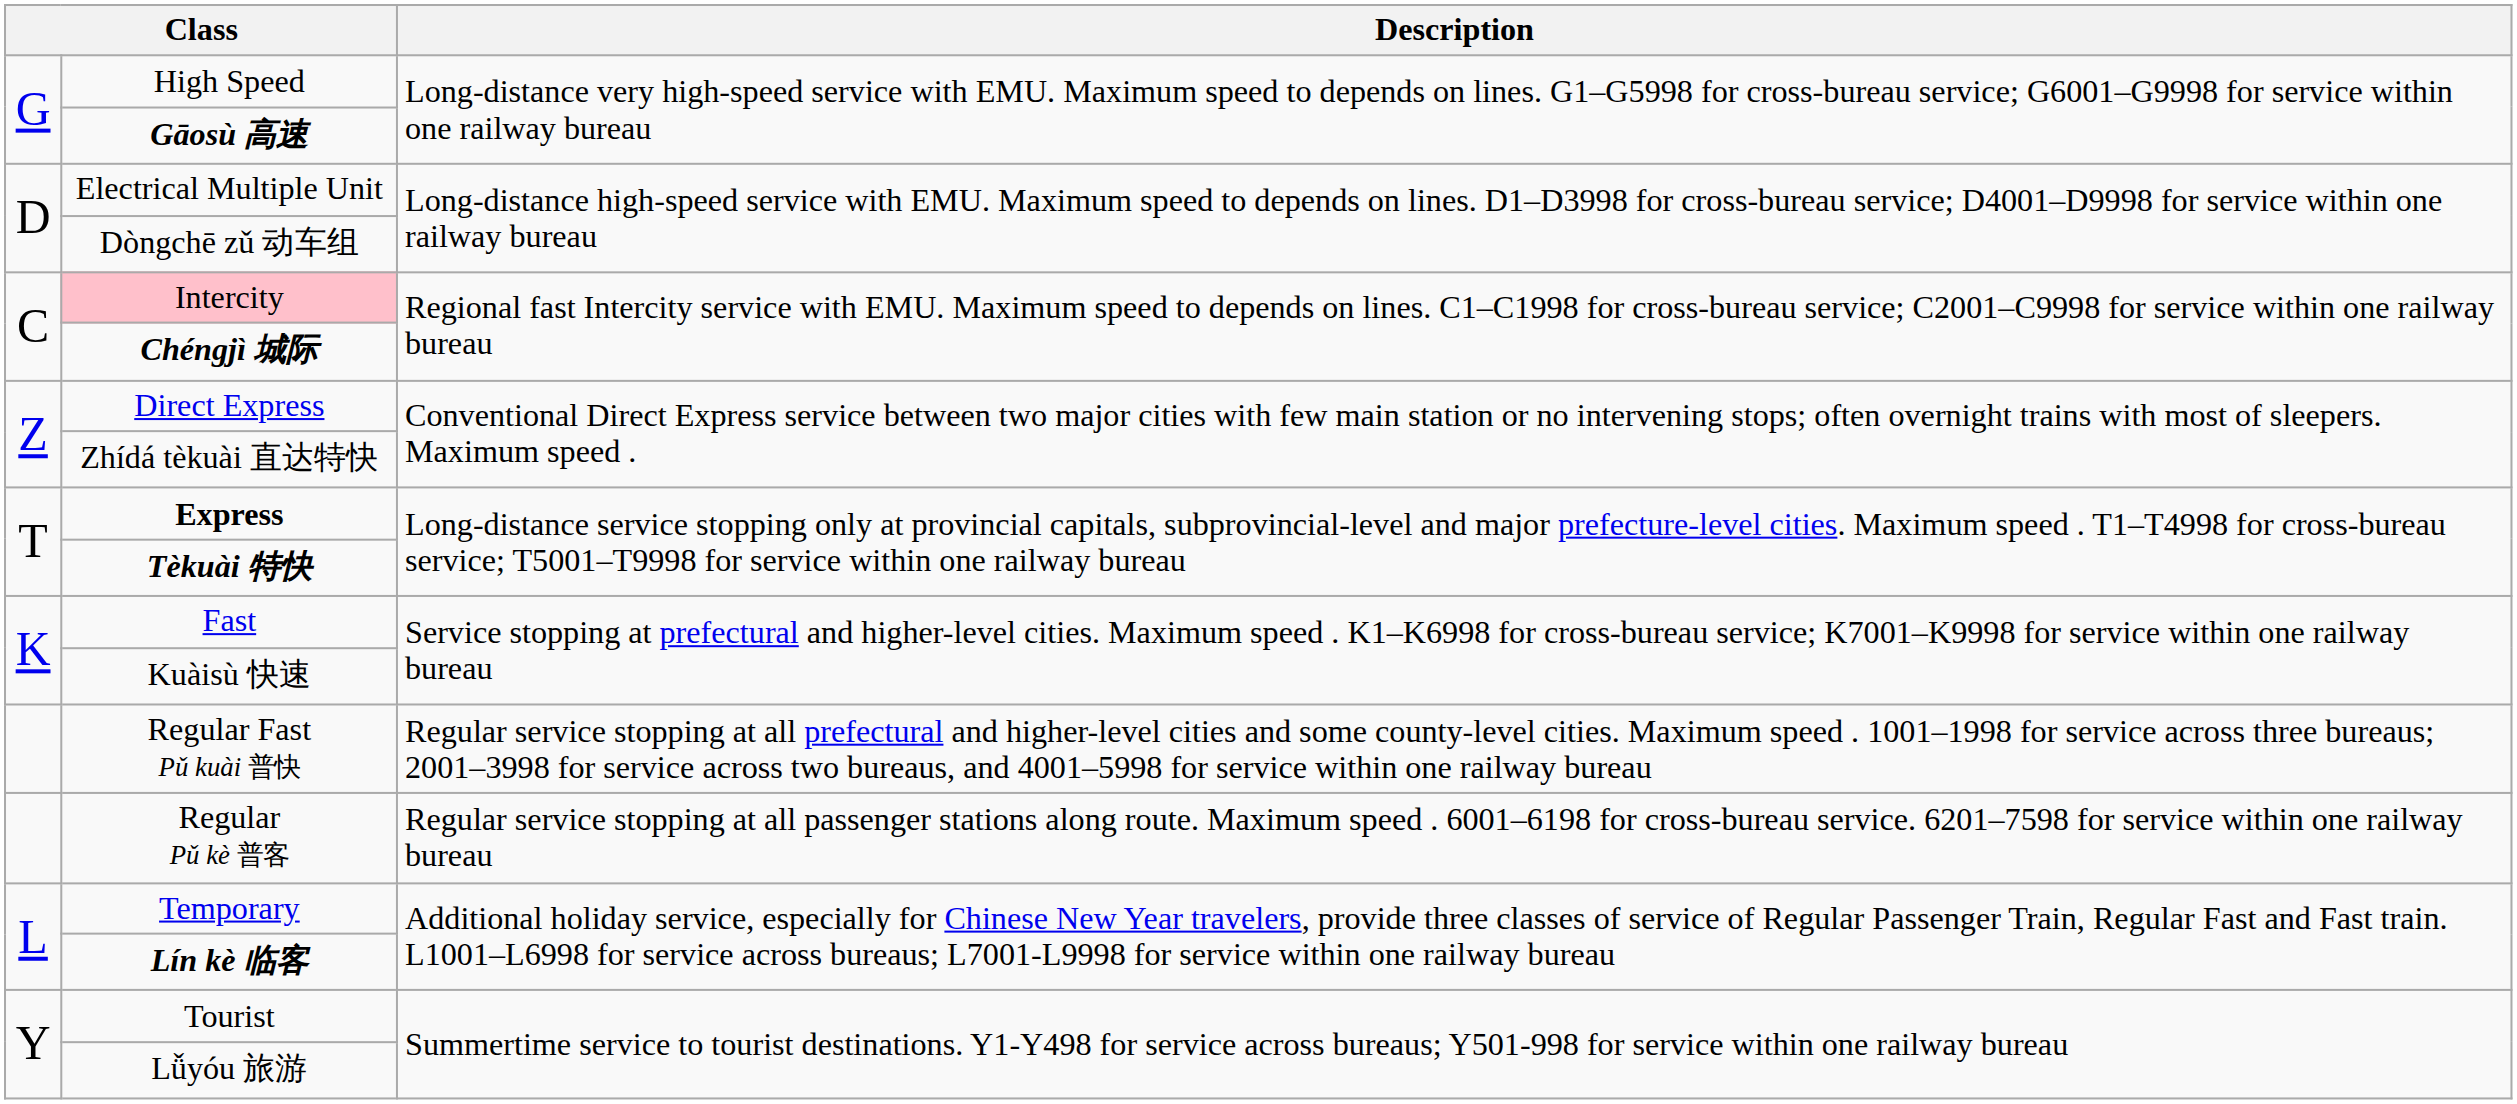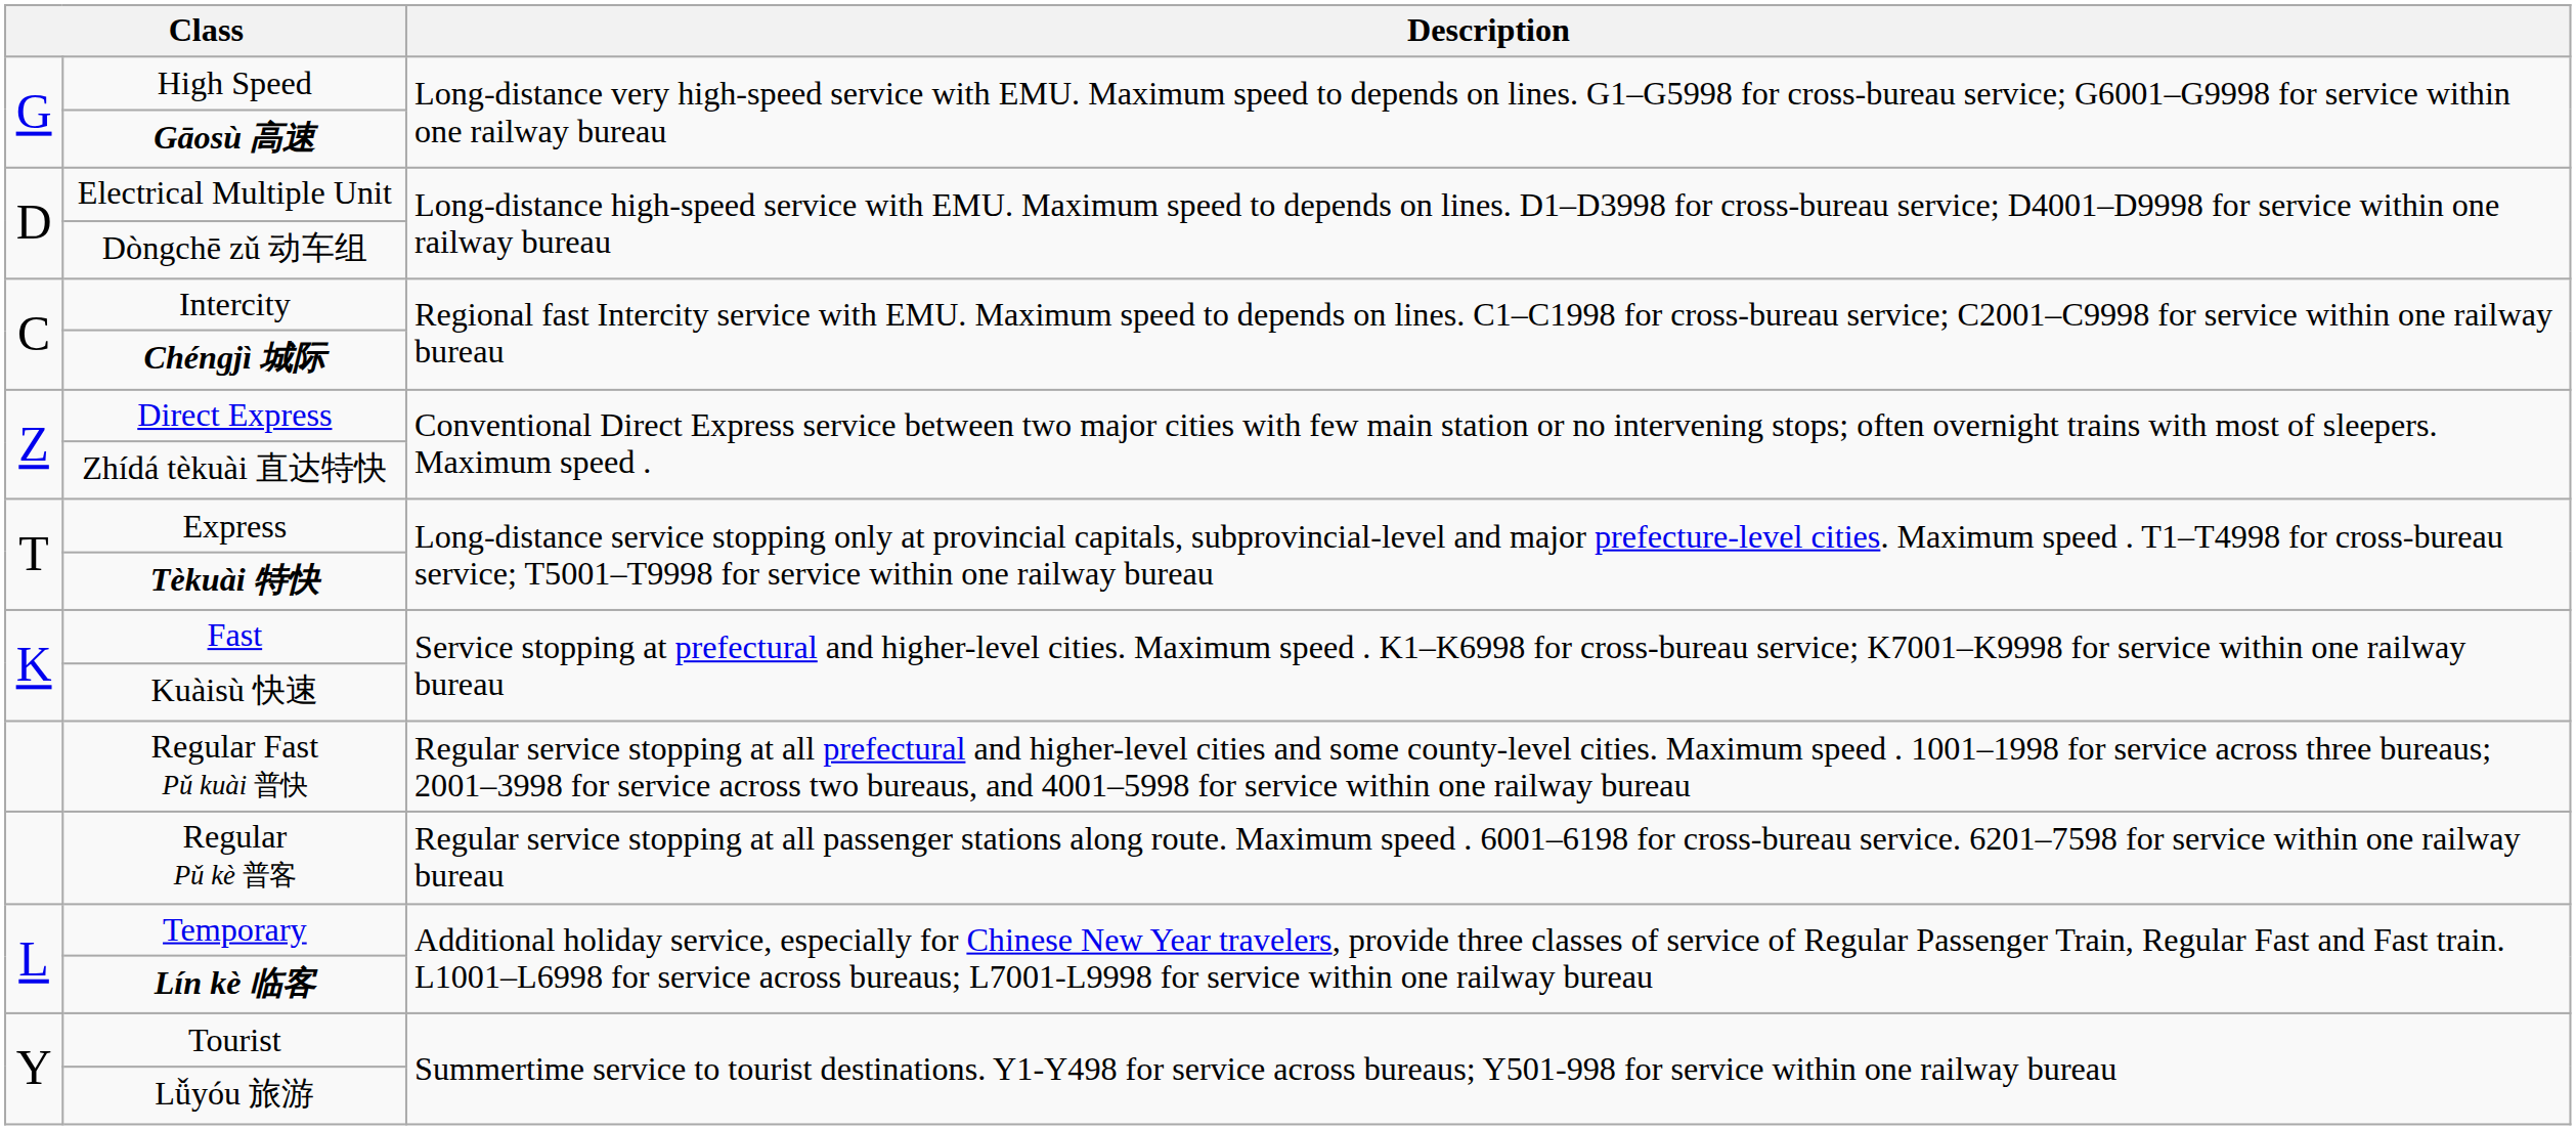 <table class="wikitable" style="text-align:center">
 <tr>
 <th colspan=2>Class</th>
 <th>Description</th>
 </tr>
 <tr>
 <td style="font-size:150%" rowspan="2"><a href='#'>G</a></td>
 <td style= "width:100px">High Speed</td>
 <td style="text-align:left" rowspan="2">Long-distance very high-speed service with EMU. Maximum speed  to  depends on lines. G1–G5998 for cross-bureau service; G6001–G9998 for service within one railway bureau</td>
 </tr>
 <tr>
 <td "style=font-size:85%"><strong><em>Gāo<strong>sù<em> 高速</td>
 </tr>
 <tr>
 <td style="font-size:150%" rowspan="2">D</td>
 <td style= "width:160px">Electrical Multiple Unit</td>
 <td style="text-align:left" rowspan="2">Long-distance high-speed service with EMU. Maximum speed  to  depends on lines. D1–D3998 for cross-bureau service; D4001–D9998 for service within one railway bureau</td>
 </tr>
 <tr>
 <td "style=font-size:85%"></em></strong>Dòng</strong>chē zǔ</em> 动车组</td>
 </tr>
 <tr>
 <td style="font-size:150%" rowspan="2">C</td>
-<td style= "background: pink; width:100px">Intercity</td>
+<td style= "width:100px">Intercity</td>
 <td style="text-align:left" rowspan="2">Regional fast Intercity service with EMU. Maximum speed  to  depends on lines. C1–C1998 for cross-bureau service; C2001–C9998 for service within one railway bureau</td>
 </tr>
 <tr>
 <td "style=font-size:85%"><strong><em>Chéng<strong>jì<em> 城际</td>
 </tr>
 <tr>
 <td style="font-size:150%" rowspan="2"><a href='#'>Z</a></td>
 <td style= "width:160px"><a href='#'>Direct Express</a></td>
 <td style="text-align:left" rowspan="2">Conventional Direct Express service between two major cities with few main station or no intervening stops; often overnight trains with most of sleepers. Maximum speed .</td>
 </tr>
 <tr>
 <td "style=font-size:85%"></em></strong>Zhí</strong>dá tèkuài</em> 直达特快</td>
 </tr>
 <tr>
 <td style="font-size:150%" rowspan="2">T</td>
-<td style= "width:160px"><strong>Express</strong></td>
+<td style= "width:160px">Express</td>
 <td style="text-align:left" rowspan="2">Long-distance service stopping only at provincial capitals, subprovincial-level and major <a href='#'>prefecture-level cities</a>. Maximum speed . T1–T4998 for cross-bureau service; T5001–T9998 for service within one railway bureau</td>
 </tr>
 <tr>
 <td "style=font-size:85%"><strong><em>Tè<strong>kuài<em> 特快</td>
 </tr>
 <tr>
 <td style="font-size:150%" rowspan="2"><a href='#'>K</a></td>
 <td style= "width:160px"><a href='#'>Fast</a></td>
 <td style="text-align:left" rowspan="2">Service stopping at <a href='#'>prefectural</a> and higher-level cities. Maximum speed . K1–K6998 for cross-bureau service; K7001–K9998 for service within one railway bureau</td>
 </tr>
 <tr>
 <td "style=font-size:85%"></em></strong>Kuài</strong>sù</em> 快速</td>
 </tr>
 <tr>
 <td style="font-size:150%"></td>
 <td style= "width:160px">Regular Fast<br><small><em>Pǔ kuài</em> 普快</small></td>
 <td style="text-align:left">Regular service stopping at all <a href='#'>prefectural</a> and higher-level cities and some county-level cities. Maximum speed . 1001–1998 for service across three bureaus; 2001–3998 for service across two bureaus, and 4001–5998 for service within one railway bureau</td>
 </tr>
 <tr>
 <td style="font-size:150%"></td>
 <td style= "width:160px">Regular <br><small><em>Pǔ kè</em> 普客</small></td>
 <td style="text-align:left">Regular service stopping at all passenger stations along route. Maximum speed . 6001–6198 for cross-bureau service. 6201–7598 for service within one railway bureau</td>
 </tr>
 <tr>
 <td style="font-size:150%" rowspan="2"><a href='#'>L</a></td>
 <td style= "width:160px"><a href='#'>Temporary</a></td>
 <td style="text-align:left" rowspan="2">Additional holiday service, especially for <a href='#'>Chinese New Year travelers</a>, provide three classes of service of Regular Passenger Train, Regular Fast and Fast train. L1001–L6998 for service across bureaus; L7001-L9998 for service within one railway bureau</td>
 </tr>
 <tr>
 <td "style=font-size:85%"><strong><em>Lín<strong> kè<em> 临客</td>
 </tr>
 <tr>
 <td style="font-size:150%" rowspan="2">Y</td>
 <td style= "width:160px">Tourist</td>
 <td style="text-align:left" rowspan="2">Summertime service to tourist destinations. Y1-Y498 for service across bureaus; Y501-998 for service within one railway bureau</td>
 </tr>
 <tr>
 <td "style=font-size:85%"></em>Lǚ</strong>yóu</em></strong> 旅游</td>
 </tr>
 </table>
